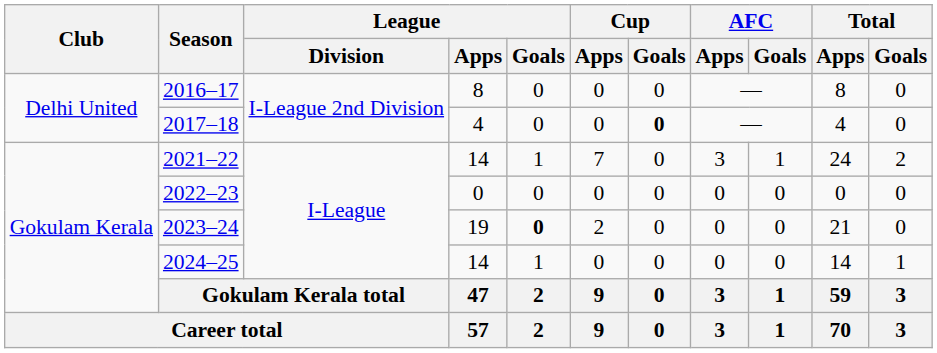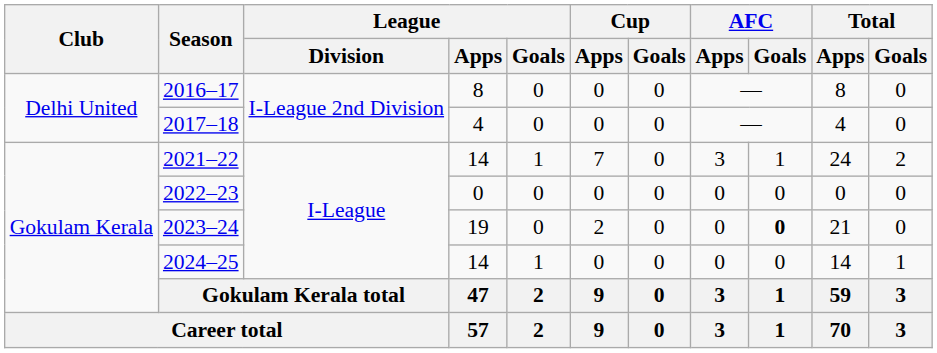 <table class=wikitable style=text-align:center>
 <tr>
 <th rowspan="2">Club</th>
 <th rowspan="2">Season</th>
 <th colspan="3">League</th>
 <th colspan="2">Cup</th>
 <th colspan="2"><a href='#'>AFC</a></th>
 <th colspan="2">Total</th>
 </tr>
 <tr>
 <th>Division</th>
 <th>Apps</th>
 <th>Goals</th>
 <th>Apps</th>
 <th>Goals</th>
 <th>Apps</th>
 <th>Goals</th>
 <th>Apps</th>
 <th>Goals</th>
 </tr>
 <tr>
 <td rowspan="2"><a href='#'>Delhi United</a></td>
 <td><a href='#'>2016–17</a></td>
 <td rowspan="2"><a href='#'>I-League 2nd Division</a></td>
 <td>8</td>
 <td>0</td>
 <td>0</td>
 <td>0</td>
 <td colspan="2">—</td>
 <td>8</td>
 <td>0</td>
 </tr>
 <tr>
 <td><a href='#'>2017–18</a></td>
 <td>4</td>
 <td>0</td>
 <td>0</td>
-<td><strong>0</strong></td>
+<td>0</td>
 <td colspan="2">—</td>
 <td>4</td>
 <td>0</td>
 </tr>
 <tr>
 <td rowspan="5"><a href='#'>Gokulam Kerala</a></td>
 <td><a href='#'>2021–22</a></td>
 <td rowspan="4"><a href='#'>I-League</a></td>
 <td>14</td>
 <td>1</td>
 <td>7</td>
 <td>0</td>
 <td>3</td>
 <td>1</td>
 <td>24</td>
 <td>2</td>
 </tr>
 <tr>
 <td><a href='#'>2022–23</a></td>
 <td>0</td>
 <td>0</td>
 <td>0</td>
 <td>0</td>
 <td>0</td>
 <td>0</td>
 <td>0</td>
 <td>0</td>
 </tr>
 <tr>
 <td><a href='#'>2023–24</a></td>
 <td>19</td>
-<td><strong>0</strong></td>
+<td>0</td>
 <td>2</td>
 <td>0</td>
 <td>0</td>
-<td>0</td>
+<td><strong>0</strong></td>
 <td>21</td>
 <td>0</td>
 </tr>
 <tr>
 <td><a href='#'>2024–25</a></td>
 <td>14</td>
 <td>1</td>
 <td>0</td>
 <td>0</td>
 <td>0</td>
 <td>0</td>
 <td>14</td>
 <td>1</td>
 </tr>
 <tr>
 <th colspan="2">Gokulam Kerala total</th>
 <th>47</th>
 <th>2</th>
 <th>9</th>
 <th>0</th>
 <th>3</th>
 <th>1</th>
 <th>59</th>
 <th>3</th>
 </tr>
 <tr>
 <th colspan="3">Career total</th>
 <th>57</th>
 <th>2</th>
 <th>9</th>
 <th>0</th>
 <th>3</th>
 <th>1</th>
 <th>70</th>
 <th>3</th>
 </tr>
 </table>
